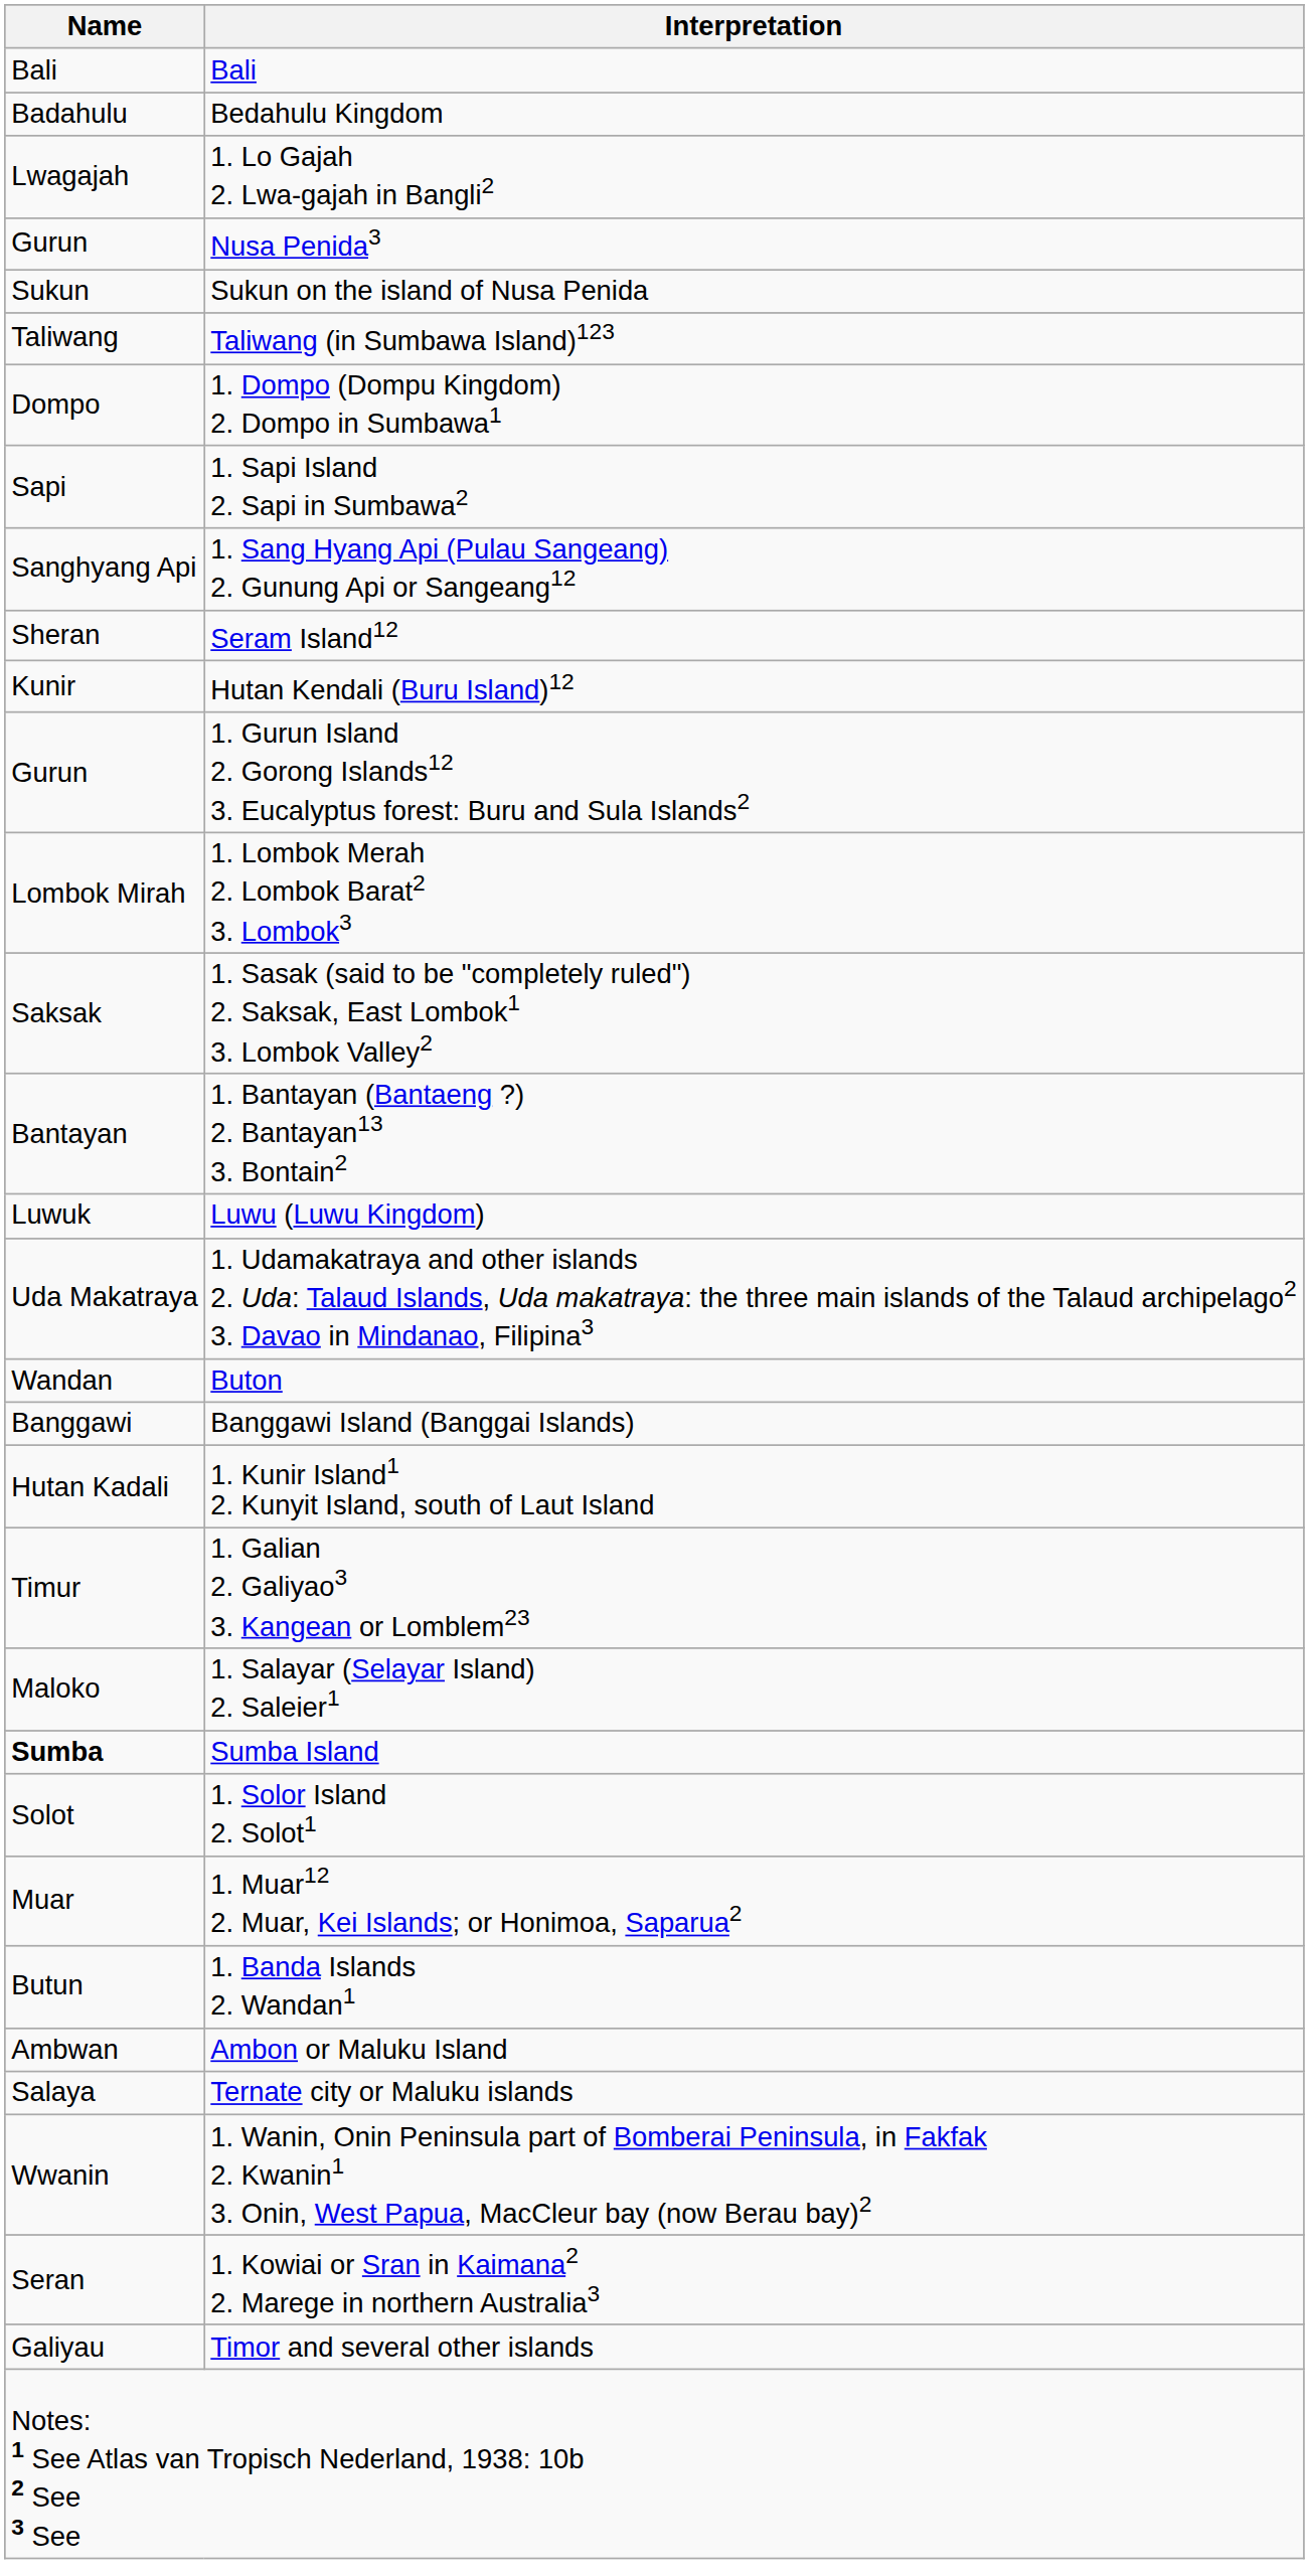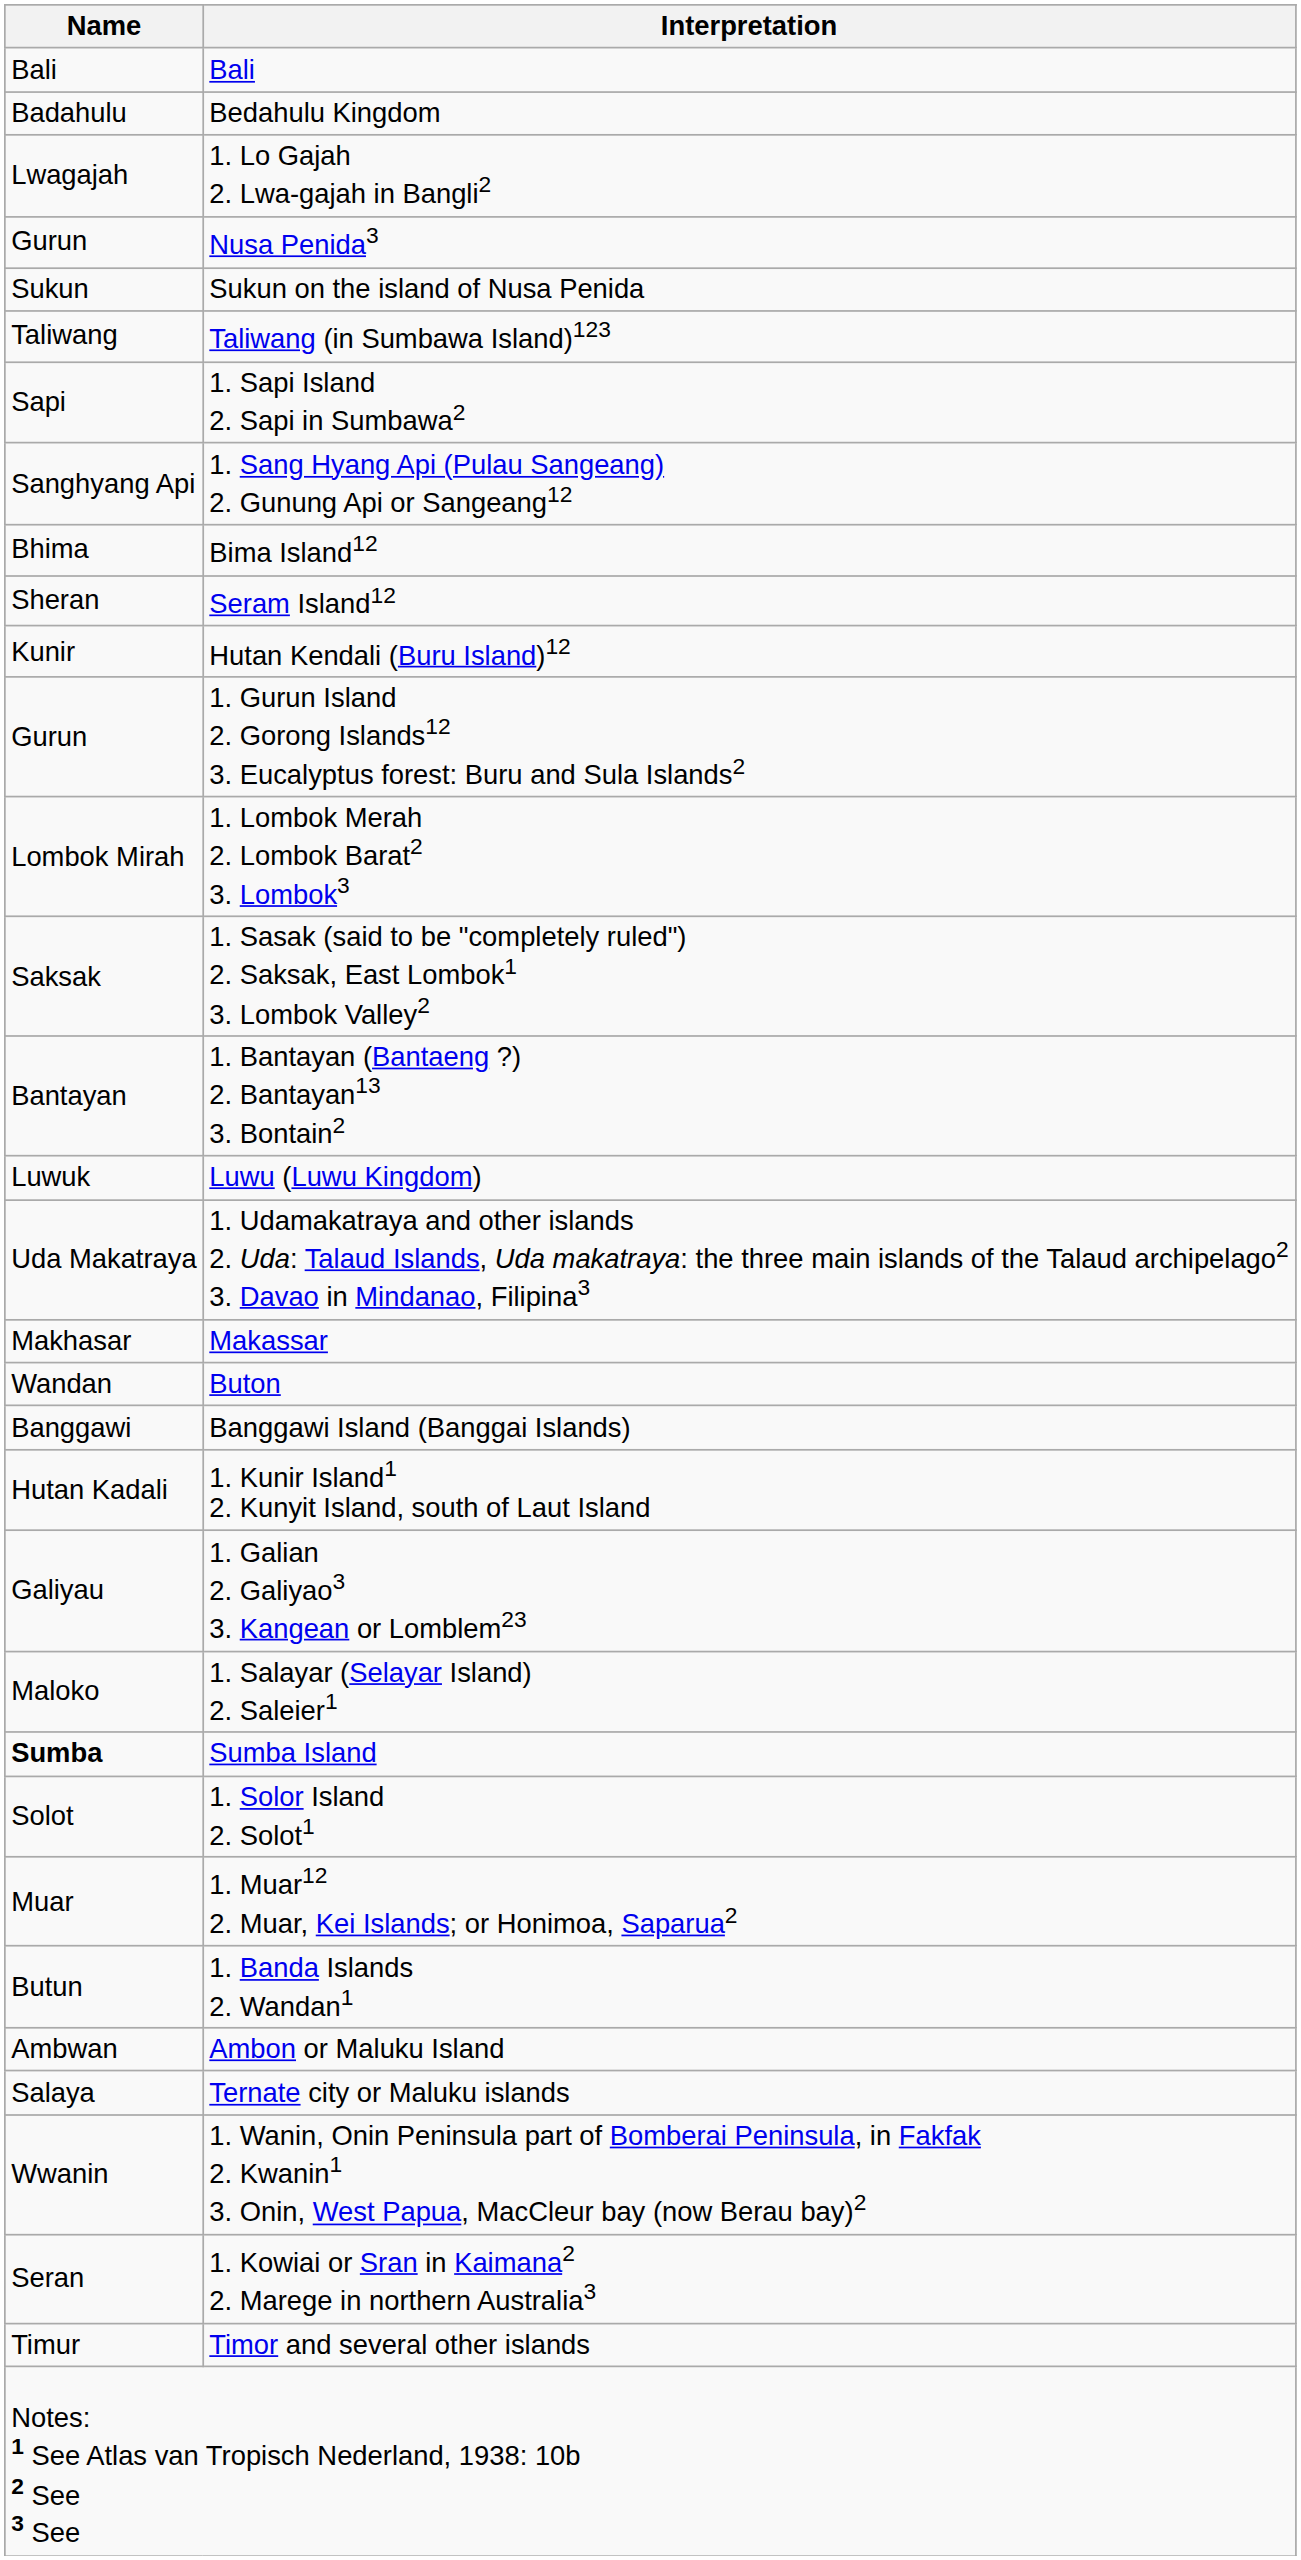 <table class="wikitable">
 <tr>
 <th>Name</th>
 <th>Interpretation</th>
 </tr>
 <tr>
 <td>Bali</td>
 <td><a href='#'>Bali</a></td>
 </tr>
 <tr>
 <td>Badahulu</td>
 <td>Bedahulu Kingdom</td>
 </tr>
 <tr>
 <td>Lwagajah</td>
 <td>1. Lo Gajah<br>2. Lwa-gajah in Bangli<sup>2</sup></td>
 </tr>
 <tr>
 <td>Gurun</td>
 <td><a href='#'>Nusa Penida</a><sup>3</sup></td>
 </tr>
 <tr>
 <td>Sukun</td>
 <td>Sukun on the island of Nusa Penida</td>
 </tr>
 <tr>
 <td>Taliwang</td>
 <td><a href='#'>Taliwang</a> (in Sumbawa Island)<sup>123</sup></td>
 </tr>
 <tr>
-<td>Dompo</td>
-<td>1. <a href='#'>Dompo</a> (Dompu Kingdom)<br>2. Dompo in Sumbawa<sup>1</sup></td>
-</tr>
-<tr>
 <td>Sapi</td>
 <td>1. Sapi Island<br>2. Sapi in Sumbawa<sup>2</sup></td>
 </tr>
 <tr>
 <td>Sanghyang Api</td>
 <td>1. <a href='#'>Sang Hyang Api (Pulau Sangeang)</a><br>2. Gunung Api or Sangeang<sup>12</sup></td>
+</tr>
+<tr>
+<td>Bhima</td>
+<td>Bima Island<sup>12</sup></td>
 </tr>
 <tr>
 <td>Sheran</td>
 <td><a href='#'>Seram</a> Island<sup>12</sup></td>
 </tr>
 <tr>
 <td>Kunir</td>
 <td>Hutan Kendali (<a href='#'>Buru Island</a>)<sup>12</sup></td>
 </tr>
 <tr>
 <td>Gurun</td>
 <td>1. Gurun Island<br>2. Gorong Islands<sup>12</sup><br>3. Eucalyptus forest: Buru and Sula Islands<sup>2</sup></td>
 </tr>
 <tr>
 <td>Lombok Mirah</td>
 <td>1. Lombok Merah<br>2. Lombok Barat<sup>2</sup><br>3. <a href='#'>Lombok</a><sup>3</sup></td>
 </tr>
 <tr>
 <td>Saksak</td>
 <td>1. Sasak (said to be "completely ruled")<br>2. Saksak, East Lombok<sup>1</sup><br>3. Lombok Valley<sup>2</sup></td>
 </tr>
 <tr>
 <td>Bantayan</td>
 <td>1. Bantayan (<a href='#'>Bantaeng</a> ?)<br>2. Bantayan<sup>13</sup><br>3. Bontain<sup>2</sup></td>
 </tr>
 <tr>
 <td>Luwuk</td>
 <td><a href='#'>Luwu</a> (<a href='#'>Luwu Kingdom</a>)</td>
 </tr>
 <tr>
 <td>Uda Makatraya</td>
 <td>1. Udamakatraya and other islands<br>2. <em>Uda</em>: <a href='#'>Talaud Islands</a>, <em>Uda makatraya</em>: the three main islands of the Talaud archipelago<sup>2</sup><br>3. <a href='#'>Davao</a> in <a href='#'>Mindanao</a>, Filipina<sup>3</sup></td>
 </tr>
 <tr>
+<td>Makhasar</td>
+<td><a href='#'>Makassar</a></td>
+</tr>
+<tr>
 <td>Wandan</td>
 <td><a href='#'>Buton</a></td>
 </tr>
 <tr>
 <td>Banggawi</td>
 <td>Banggawi Island (Banggai Islands)</td>
 </tr>
 <tr>
 <td>Hutan Kadali</td>
 <td>1. Kunir Island<sup>1</sup><br>2. Kunyit Island, south of Laut Island</td>
 </tr>
 <tr>
-<td>Timur</td>
+<td>Galiyau</td>
 <td>1. Galian<br>2. Galiyao<sup>3</sup><br>3. <a href='#'>Kangean</a> or Lomblem<sup>23</sup></td>
 </tr>
 <tr>
 <td>Maloko</td>
 <td>1. Salayar (<a href='#'>Selayar</a> Island)<br>2. Saleier<sup>1</sup></td>
 </tr>
 <tr>
 <td><strong>Sumba</strong></td>
 <td><a href='#'>Sumba Island</a></td>
 </tr>
 <tr>
 <td>Solot</td>
 <td>1. <a href='#'>Solor</a> Island<br>2. Solot<sup>1</sup></td>
 </tr>
 <tr>
 <td>Muar</td>
 <td>1. Muar<sup>12</sup><br>2. Muar, <a href='#'>Kei Islands</a>; or Honimoa, <a href='#'>Saparua</a><sup>2</sup></td>
 </tr>
 <tr>
 <td>Butun</td>
 <td>1. <a href='#'>Banda</a> Islands<br>2. Wandan<sup>1</sup></td>
 </tr>
 <tr>
 <td>Ambwan</td>
 <td><a href='#'>Ambon</a> or Maluku Island</td>
 </tr>
 <tr>
 <td>Salaya</td>
 <td><a href='#'>Ternate</a> city or Maluku islands</td>
 </tr>
 <tr>
 <td>Wwanin</td>
 <td>1. Wanin, Onin Peninsula part of <a href='#'>Bomberai Peninsula</a>, in <a href='#'>Fakfak</a><br>2. Kwanin<sup>1</sup><br>3. Onin, <a href='#'>West Papua</a>, MacCleur bay (now Berau bay)<sup>2</sup></td>
 </tr>
 <tr>
 <td>Seran</td>
 <td>1. Kowiai or <a href='#'>Sran</a> in <a href='#'>Kaimana</a><sup>2</sup><br>2. Marege in northern Australia<sup>3</sup></td>
 </tr>
 <tr>
-<td>Galiyau</td>
+<td>Timur</td>
 <td><a href='#'>Timor</a> and several other islands</td>
 </tr>
 <tr>
 <td colspan="2"><br>Notes:<br> <sup><strong>1</strong></sup> See Atlas van Tropisch Nederland, 1938: 10b<br> <sup><strong>2</strong></sup> See <br> <sup><strong>3</strong></sup> See </td>
 </tr>
 </table>
